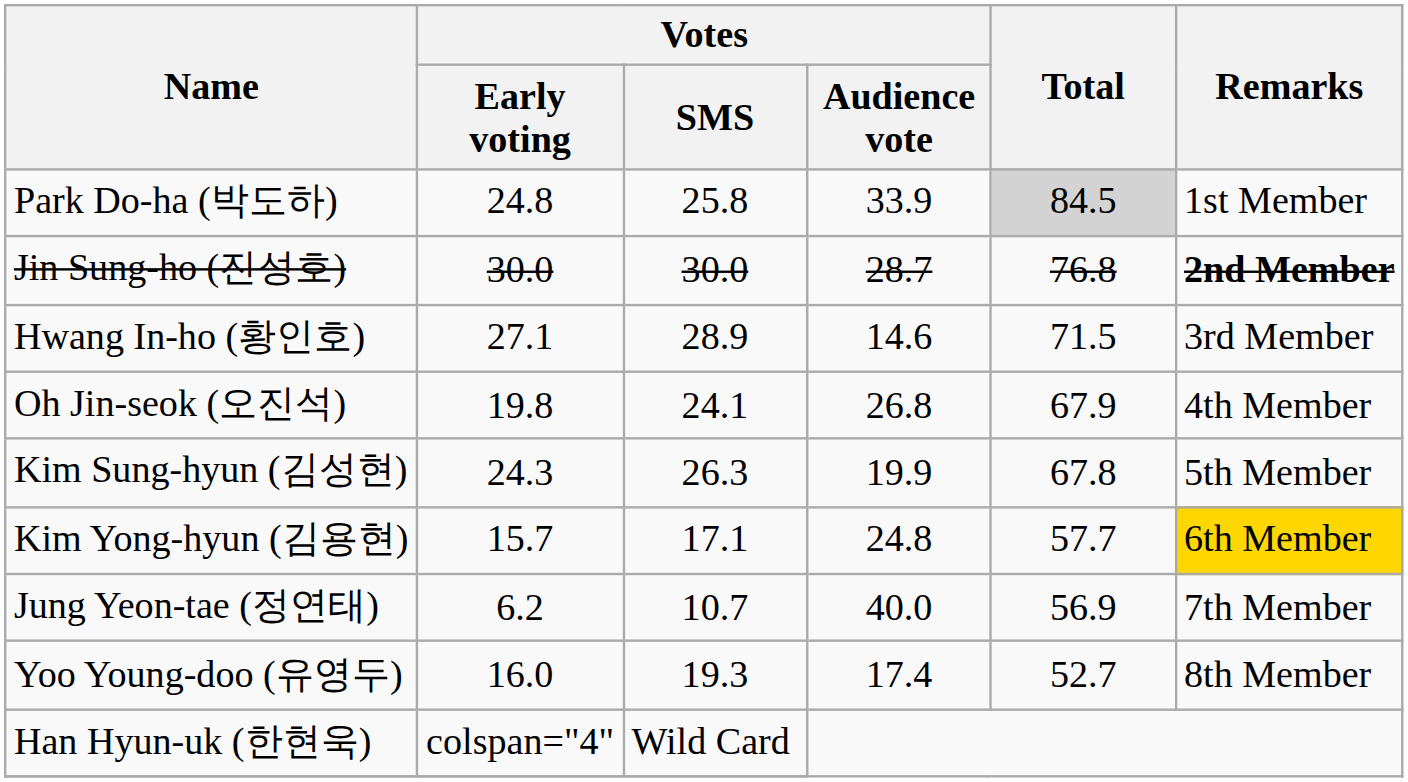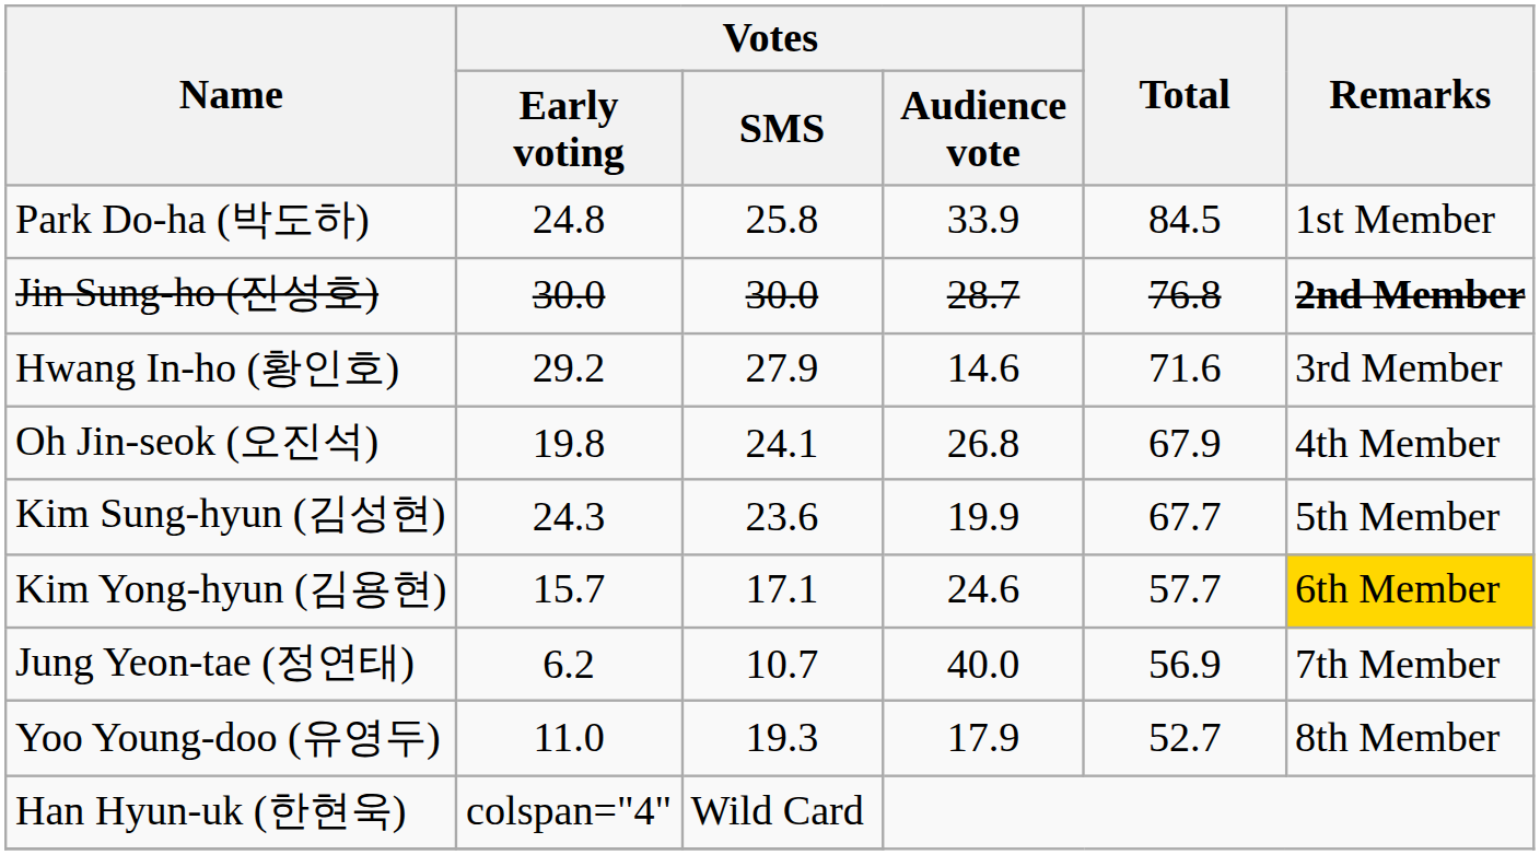 <table class="wikitable sortable">
 <tr>
 <th rowspan="2">Name</th>
 <th colspan="3">Votes</th>
 <th rowspan="2" align="center" width="70px">Total</th>
 <th rowspan="2">Remarks</th>
 </tr>
 <tr>
 <th align="center" width="70px">Early voting</th>
 <th align="center" width="70px">SMS</th>
 <th align="center" width="70px">Audience vote</th>
 </tr>
 <tr>
 <td>Park Do-ha (박도하)</td>
 <td align="center">24.8</td>
 <td align="center">25.8</td>
 <td align="center">33.9</td>
-<td align="center" style="background: lightgrey;">84.5</td>
+<td align="center">84.5</td>
 <td>1st Member</td>
 </tr>
 <tr>
 <td><del>Jin Sung-ho (진성호)</del></td>
 <td align="center"><del>30.0</del></td>
 <td align="center"><del>30.0</del></td>
 <td align="center"><del>28.7</del></td>
 <td align="center"><del>76.8</del></td>
 <td><strong><del>2nd Member</del></strong></td>
 </tr>
 <tr>
 <td>Hwang In-ho (황인호)</td>
-<td align="center">27.1</td>
-<td align="center">28.9</td>
+<td align="center">29.2</td>
+<td align="center">27.9</td>
 <td align="center">14.6</td>
-<td align="center">71.5</td>
+<td align="center">71.6</td>
 <td>3rd Member</td>
 </tr>
 <tr>
 <td>Oh Jin-seok (오진석)</td>
 <td align="center">19.8</td>
 <td align="center">24.1</td>
 <td align="center">26.8</td>
 <td align="center">67.9</td>
 <td>4th Member</td>
 </tr>
 <tr>
 <td>Kim Sung-hyun (김성현)</td>
 <td align="center">24.3</td>
-<td align="center">26.3</td>
+<td align="center">23.6</td>
 <td align="center">19.9</td>
-<td align="center">67.8</td>
+<td align="center">67.7</td>
 <td>5th Member</td>
 </tr>
 <tr>
 <td>Kim Yong-hyun (김용현)</td>
 <td align="center">15.7</td>
 <td align="center">17.1</td>
-<td align="center">24.8</td>
+<td align="center">24.6</td>
 <td align="center">57.7</td>
 <td style="background: gold;">6th Member</td>
 </tr>
 <tr>
 <td>Jung Yeon-tae (정연태)</td>
 <td align="center">6.2</td>
 <td align="center">10.7</td>
 <td align="center">40.0</td>
 <td align="center">56.9</td>
 <td>7th Member</td>
 </tr>
 <tr>
 <td>Yoo Young-doo (유영두)</td>
-<td align="center">16.0</td>
+<td align="center">11.0</td>
 <td align="center">19.3</td>
-<td align="center">17.4</td>
+<td align="center">17.9</td>
 <td align="center">52.7</td>
 <td>8th Member</td>
 </tr>
 <tr>
 <td>Han Hyun-uk (한현욱)</td>
 <td>colspan="4" </td>
 <td>Wild Card</td>
 </tr>
 <tr>
 </tr>
 </table>
